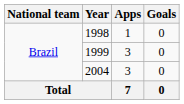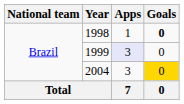 <table class="wikitable" style="text-align:center">
 <tr>
 <th>National team</th>
 <th>Year</th>
 <th>Apps</th>
 <th>Goals</th>
 </tr>
 <tr>
 <td rowspan="3"><a href='#'>Brazil</a></td>
 <td>1998</td>
 <td>1</td>
-<td>0</td>
+<td><strong>0</strong></td>
 </tr>
 <tr>
 <td>1999</td>
-<td>3</td>
+<td style="background: lavender;">3</td>
 <td>0</td>
 </tr>
 <tr>
 <td>2004</td>
 <td>3</td>
-<td>0</td>
+<td style="background: gold;">0</td>
 </tr>
 <tr>
 <th colspan="2">Total</th>
 <th>7</th>
 <th>0</th>
 </tr>
 </table>
